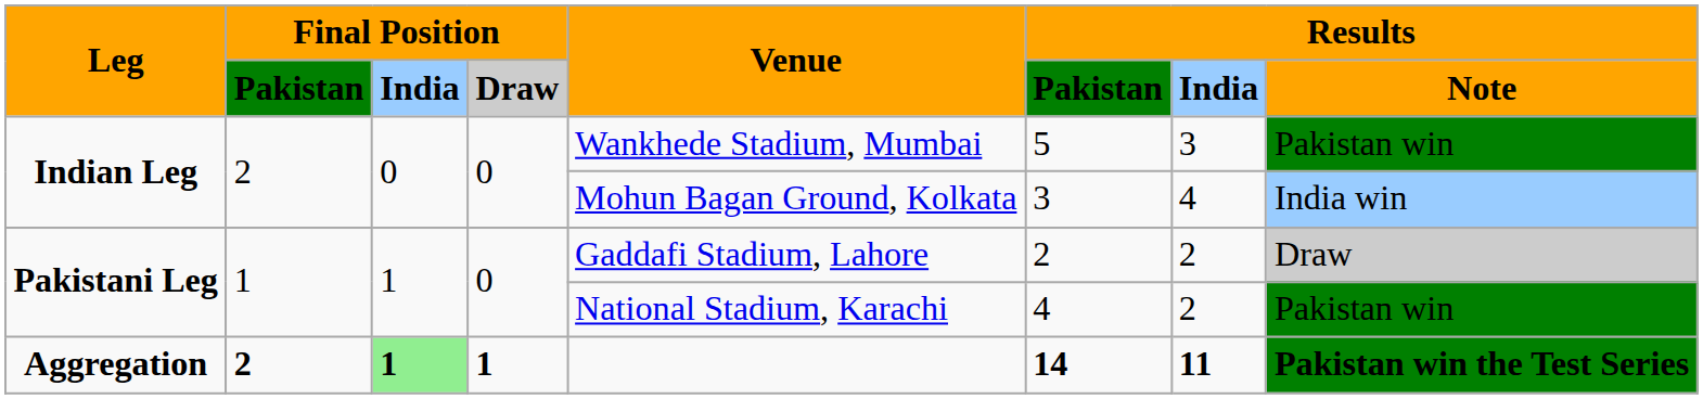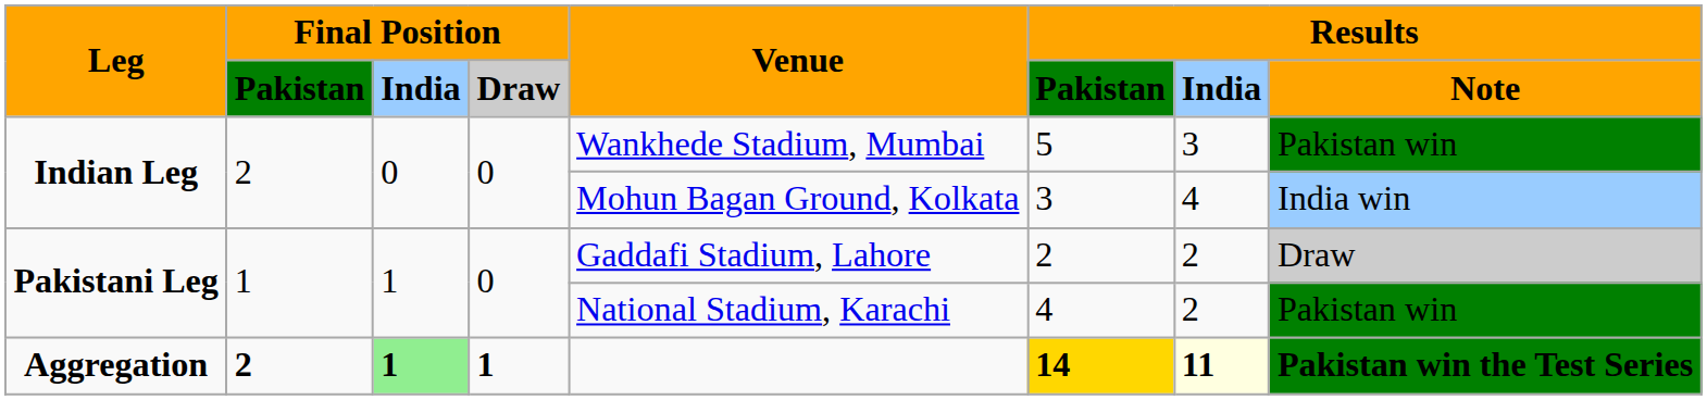 <table class="wikitable">
 <tr>
 <th style="background:orange;" rowspan=2>Leg</th>
 <th style="background:orange;" colspan=3>Final Position</th>
 <th style="background:orange;" rowspan=2>Venue</th>
 <th style="background:orange;" colspan=3>Results</th>
 </tr>
 <tr>
 <th style="background:green;"> Pakistan</th>
 <th style="background:#9cf;"> India</th>
 <th style="background:#ccc;">Draw</th>
 <th style="background:green;"> Pakistan</th>
 <th style="background:#9cf;"> India</th>
 <th style="background:orange;">Note</th>
 </tr>
 <tr>
 <td style=text-align:center; rowspan=2><strong>Indian Leg</strong></td>
 <td rowspan=2>2</td>
 <td rowspan=2>0</td>
 <td rowspan=2>0</td>
 <td> <a href='#'>Wankhede Stadium</a>, <a href='#'>Mumbai</a></td>
 <td>5</td>
 <td>3</td>
 <td style="background:green;"> Pakistan win</td>
 </tr>
 <tr>
 <td> <a href='#'>Mohun Bagan Ground</a>, <a href='#'>Kolkata</a></td>
 <td>3</td>
 <td>4</td>
 <td style="background:#9cf;"> India win</td>
 </tr>
 <tr>
 <td style=text-align:center; rowspan=2><strong>Pakistani Leg</strong></td>
 <td rowspan=2>1</td>
 <td rowspan=2>1</td>
 <td rowspan=2>0</td>
 <td> <a href='#'>Gaddafi Stadium</a>, <a href='#'>Lahore</a></td>
 <td>2</td>
 <td>2</td>
 <td style="background:#ccc;">Draw</td>
 </tr>
 <tr>
 <td> <a href='#'>National Stadium</a>, <a href='#'>Karachi</a></td>
 <td>4</td>
 <td>2</td>
 <td style="background:green;"> Pakistan win</td>
 </tr>
 <tr>
 <td style=text-align:center;><strong>Aggregation</strong></td>
 <td><strong>2</strong></td>
 <td style="background: lightgreen;"><strong>1</strong></td>
 <td><strong>1</strong></td>
 <td></td>
-<td><strong>14</strong></td>
-<td><strong>11</strong></td>
+<td style="background: gold;"><strong>14</strong></td>
+<td style="background: lightyellow;"><strong>11</strong></td>
 <td style="background:green;"> <strong>Pakistan win the Test Series</strong></td>
 </tr>
 </table>
